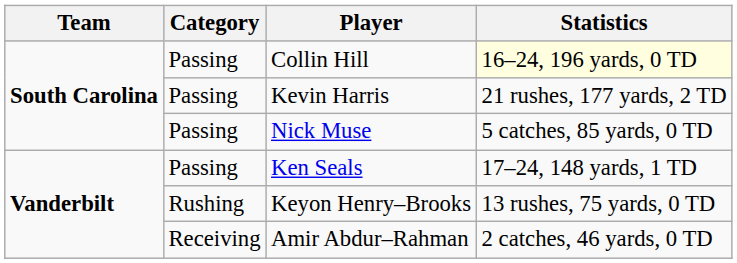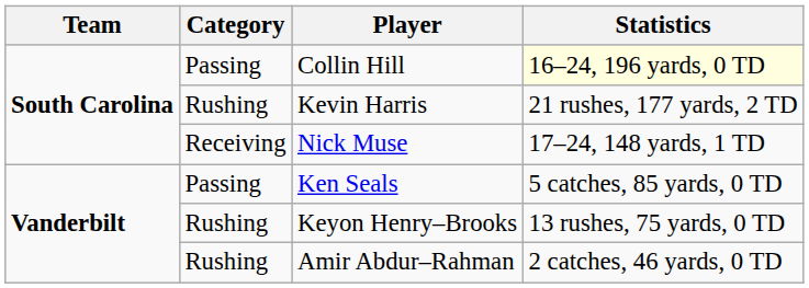 <table class="wikitable" style="float: right;">
 <tr>
 <th>Team</th>
 <th>Category</th>
 <th>Player</th>
 <th>Statistics</th>
 </tr>
 <tr>
 <td rowspan=3><strong>South Carolina</strong></td>
 <td>Passing</td>
 <td>Collin Hill</td>
 <td style="background: lightyellow;">16–24, 196 yards, 0 TD</td>
 </tr>
 <tr>
-<td>Passing</td>
+<td>Rushing</td>
 <td>Kevin Harris</td>
 <td>21 rushes, 177 yards, 2 TD</td>
 </tr>
 <tr>
-<td>Passing</td>
+<td>Receiving</td>
 <td><a href='#'>Nick Muse</a></td>
-<td>5 catches, 85 yards, 0 TD</td>
+<td>17–24, 148 yards, 1 TD</td>
 </tr>
 <tr>
 <td rowspan=3><strong>Vanderbilt</strong></td>
 <td>Passing</td>
 <td><a href='#'>Ken Seals</a></td>
-<td>17–24, 148 yards, 1 TD</td>
+<td>5 catches, 85 yards, 0 TD</td>
 </tr>
 <tr>
 <td>Rushing</td>
 <td>Keyon Henry–Brooks</td>
 <td>13 rushes, 75 yards, 0 TD</td>
 </tr>
 <tr>
-<td>Receiving</td>
+<td>Rushing</td>
 <td>Amir Abdur–Rahman</td>
 <td>2 catches, 46 yards, 0 TD</td>
 </tr>
 </table>
